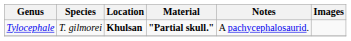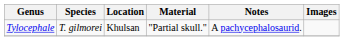 <table class="wikitable sortable">
 <tr>
 <th>Genus</th>
 <th>Species</th>
 <th>Location</th>
 <th>Material</th>
 <th>Notes</th>
 <th>Images</th>
 </tr>
 <tr>
 <td><em><a href='#'>Tylocephale</a></em></td>
 <td><em>T. gilmorei</em></td>
-<td><strong>Khulsan</strong></td>
-<td><strong>"Partial skull."</strong></td>
+<td>Khulsan</td>
+<td>"Partial skull."</td>
 <td>A <a href='#'>pachycephalosaurid</a>.</td>
 <td></td>
 </tr>
 <tr>
 </tr>
 </table>
